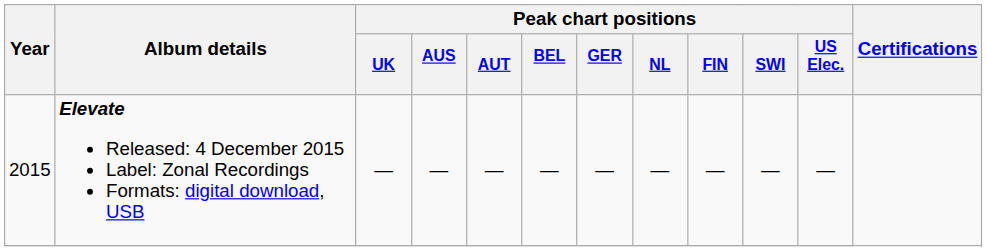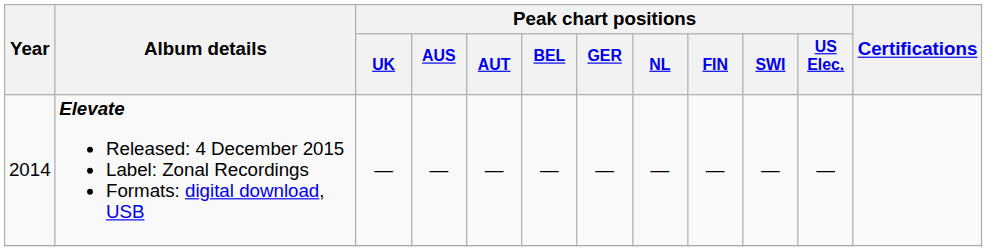 <table class="wikitable" style="text-align:center;">
 <tr>
 <th rowspan="2">Year</th>
 <th rowspan="2" style="width:250px;">Album details</th>
 <th colspan="9">Peak chart positions</th>
 <th rowspan="2"><a href='#'>Certifications</a></th>
 </tr>
 <tr>
 <th style="width:3em;font-size:85%;"><a href='#'>UK</a><br></th>
 <th style="width:3em;font-size:85%;"><a href='#'>AUS</a><br><br></th>
 <th style="width:3em;font-size:85%"><a href='#'>AUT</a><br></th>
 <th style="width:3em;font-size:85%;"><a href='#'>BEL</a><br><br></th>
 <th style="width:3em;font-size:85%;"><a href='#'>GER</a><br><br></th>
 <th style="width:3em;font-size:85%"><a href='#'>NL</a><br></th>
 <th style="width:3em;font-size:85%"><a href='#'>FIN</a><br></th>
 <th style="width:3em;font-size:85%"><a href='#'>SWI</a><br></th>
 <th style="width:3em;font-size:85%;"><a href='#'>US Elec.</a><br><br></th>
 </tr>
 <tr>
-<td style="text-align:center;">2015</td>
+<td style="text-align:center;">2014</td>
 <td align="left"><strong><em>Elevate</em></strong><br><ul><li>Released: 4 December 2015</li><li>Label: Zonal Recordings</li><li>Formats: <a href='#'>digital download</a>, <a href='#'>USB</a></li></ul></td>
 <td style="text-align:center;">—</td>
 <td style="text-align:center;">—</td>
 <td style="text-align:center;">—</td>
 <td style="text-align:center;">—</td>
 <td style="text-align:center;">—</td>
 <td style="text-align:center;">—</td>
 <td style="text-align:center;">—</td>
 <td style="text-align:center;">—</td>
 <td style="text-align:center;">—</td>
 </tr>
 <tr>
 </tr>
 </table>
